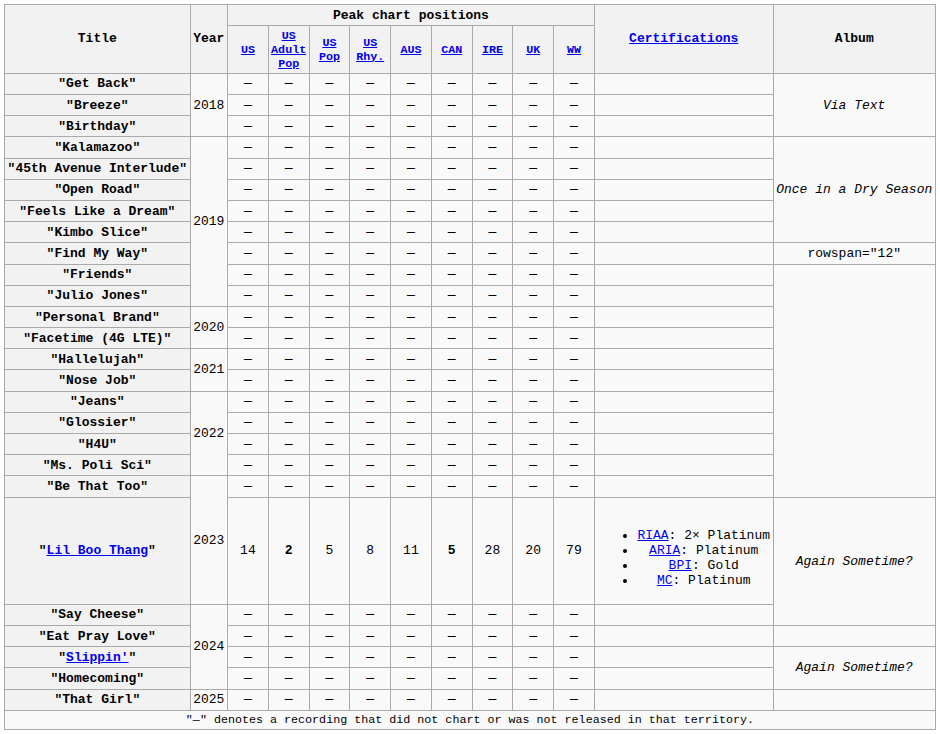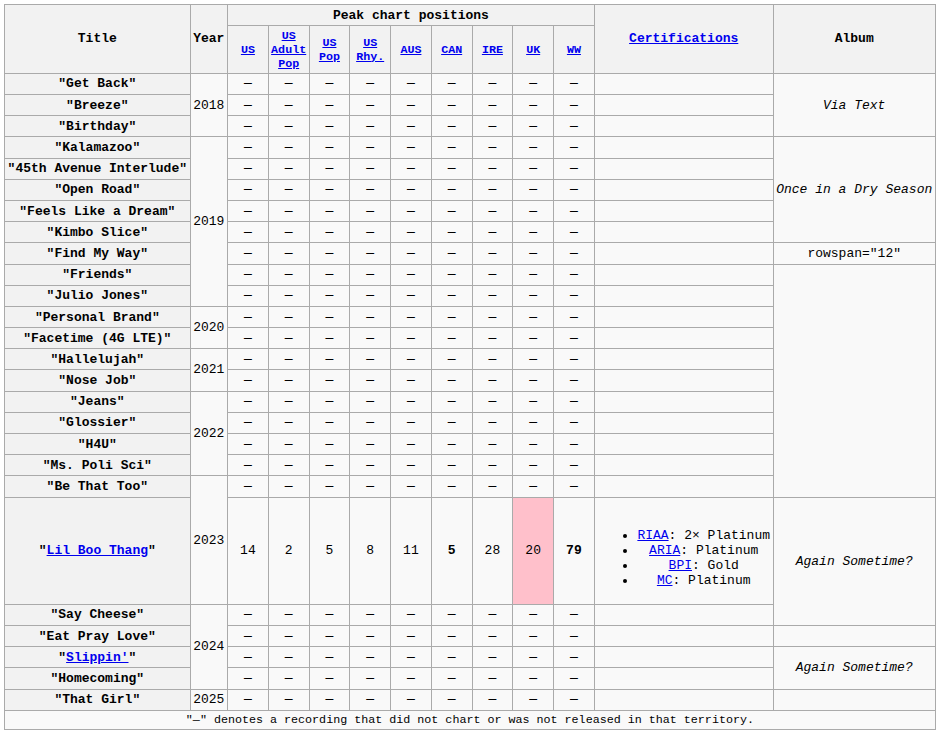 <table class="wikitable plainrowheaders" style="text-align:center;">
 <tr>
 <th scope="col" rowspan="2">Title</th>
 <th scope="col" rowspan="2">Year</th>
 <th scope="col" colspan="9">Peak chart positions</th>
 <th scope="col" rowspan="2"><a href='#'>Certifications</a></th>
 <th scope="col" rowspan="2">Album</th>
 </tr>
 <tr>
 <th scope="col" style="width:3em;font-size:90%;"><a href='#'>US</a><br></th>
 <th scope="col" style="width:3em;font-size:90%;"><a href='#'>US<br>Adult<br>Pop</a><br></th>
 <th scope="col" style="width:3em;font-size:90%;"><a href='#'>US<br>Pop</a><br></th>
 <th scope="col" style="width:3em;font-size:90%;"><a href='#'>US<br>Rhy.</a><br></th>
 <th scope="col" style="width:3em;font-size:90%;"><a href='#'>AUS</a><br></th>
 <th scope="col" style="width:3em;font-size:90%;"><a href='#'>CAN</a><br></th>
 <th scope="col" style="width:3em;font-size:90%;"><a href='#'>IRE</a><br></th>
 <th scope="col" style="width:3em;font-size:90%;"><a href='#'>UK</a><br></th>
 <th scope="col" style="width:3em;font-size:90%;"><a href='#'>WW</a><br></th>
 </tr>
 <tr>
 <th scope="row">"Get Back"<br></th>
 <td rowspan="3">2018</td>
 <td>—</td>
 <td>—</td>
 <td>—</td>
 <td>—</td>
 <td>—</td>
 <td>—</td>
 <td>—</td>
 <td>—</td>
 <td>—</td>
 <td></td>
 <td rowspan="3"><em>Via Text</em></td>
 </tr>
 <tr>
 <th scope="row">"Breeze"<br></th>
 <td>—</td>
 <td>—</td>
 <td>—</td>
 <td>—</td>
 <td>—</td>
 <td>—</td>
 <td>—</td>
 <td>—</td>
 <td>—</td>
 <td></td>
 </tr>
 <tr>
 <th scope="row">"Birthday"<br></th>
 <td>—</td>
 <td>—</td>
 <td>—</td>
 <td>—</td>
 <td>—</td>
 <td>—</td>
 <td>—</td>
 <td>—</td>
 <td>—</td>
 <td></td>
 </tr>
 <tr>
 <th scope="row">"Kalamazoo"<br></th>
 <td rowspan="8">2019</td>
 <td>—</td>
 <td>—</td>
 <td>—</td>
 <td>—</td>
 <td>—</td>
 <td>—</td>
 <td>—</td>
 <td>—</td>
 <td>—</td>
 <td></td>
 <td rowspan="5"><em>Once in a Dry Season</em></td>
 </tr>
 <tr>
 <th scope="row">"45th Avenue Interlude"<br></th>
 <td>—</td>
 <td>—</td>
 <td>—</td>
 <td>—</td>
 <td>—</td>
 <td>—</td>
 <td>—</td>
 <td>—</td>
 <td>—</td>
 <td></td>
 </tr>
 <tr>
 <th scope="row">"Open Road"</th>
 <td>—</td>
 <td>—</td>
 <td>—</td>
 <td>—</td>
 <td>—</td>
 <td>—</td>
 <td>—</td>
 <td>—</td>
 <td>—</td>
 <td></td>
 </tr>
 <tr>
 <th scope="row">"Feels Like a Dream"</th>
 <td>—</td>
 <td>—</td>
 <td>—</td>
 <td>—</td>
 <td>—</td>
 <td>—</td>
 <td>—</td>
 <td>—</td>
 <td>—</td>
 <td></td>
 </tr>
 <tr>
 <th scope="row">"Kimbo Slice"</th>
 <td>—</td>
 <td>—</td>
 <td>—</td>
 <td>—</td>
 <td>—</td>
 <td>—</td>
 <td>—</td>
 <td>—</td>
 <td>—</td>
 <td></td>
 </tr>
 <tr>
 <th scope="row">"Find My Way"<br></th>
 <td>—</td>
 <td>—</td>
 <td>—</td>
 <td>—</td>
 <td>—</td>
 <td>—</td>
 <td>—</td>
 <td>—</td>
 <td>—</td>
 <td></td>
 <td>rowspan="12" </td>
 </tr>
 <tr>
 <th scope="row">"Friends"<br></th>
 <td>—</td>
 <td>—</td>
 <td>—</td>
 <td>—</td>
 <td>—</td>
 <td>—</td>
 <td>—</td>
 <td>—</td>
 <td>—</td>
 <td></td>
 </tr>
 <tr>
 <th scope="row">"Julio Jones"</th>
 <td>—</td>
 <td>—</td>
 <td>—</td>
 <td>—</td>
 <td>—</td>
 <td>—</td>
 <td>—</td>
 <td>—</td>
 <td>—</td>
 <td></td>
 </tr>
 <tr>
 <th scope="row">"Personal Brand"<br></th>
 <td rowspan="2">2020</td>
 <td>—</td>
 <td>—</td>
 <td>—</td>
 <td>—</td>
 <td>—</td>
 <td>—</td>
 <td>—</td>
 <td>—</td>
 <td>—</td>
 <td></td>
 </tr>
 <tr>
 <th scope="row">"Facetime (4G LTE)"<br></th>
 <td>—</td>
 <td>—</td>
 <td>—</td>
 <td>—</td>
 <td>—</td>
 <td>—</td>
 <td>—</td>
 <td>—</td>
 <td>—</td>
 <td></td>
 </tr>
 <tr>
 <th scope="row">"Hallelujah"</th>
 <td rowspan="2">2021</td>
 <td>—</td>
 <td>—</td>
 <td>—</td>
 <td>—</td>
 <td>—</td>
 <td>—</td>
 <td>—</td>
 <td>—</td>
 <td>—</td>
 <td></td>
 </tr>
 <tr>
 <th scope="row">"Nose Job"<br></th>
 <td>—</td>
 <td>—</td>
 <td>—</td>
 <td>—</td>
 <td>—</td>
 <td>—</td>
 <td>—</td>
 <td>—</td>
 <td>—</td>
 <td></td>
 </tr>
 <tr>
 <th scope="row">"Jeans"</th>
 <td rowspan="4">2022</td>
 <td>—</td>
 <td>—</td>
 <td>—</td>
 <td>—</td>
 <td>—</td>
 <td>—</td>
 <td>—</td>
 <td>—</td>
 <td>—</td>
 <td></td>
 </tr>
 <tr>
 <th scope="row">"Glossier"</th>
 <td>—</td>
 <td>—</td>
 <td>—</td>
 <td>—</td>
 <td>—</td>
 <td>—</td>
 <td>—</td>
 <td>—</td>
 <td>—</td>
 <td></td>
 </tr>
 <tr>
 <th scope="row">"H4U"</th>
 <td>—</td>
 <td>—</td>
 <td>—</td>
 <td>—</td>
 <td>—</td>
 <td>—</td>
 <td>—</td>
 <td>—</td>
 <td>—</td>
 <td></td>
 </tr>
 <tr>
 <th scope="row">"Ms. Poli Sci"</th>
 <td>—</td>
 <td>—</td>
 <td>—</td>
 <td>—</td>
 <td>—</td>
 <td>—</td>
 <td>—</td>
 <td>—</td>
 <td>—</td>
 <td></td>
 </tr>
 <tr>
 <th scope="row">"Be That Too"</th>
 <td rowspan="2">2023</td>
 <td>—</td>
 <td>—</td>
 <td>—</td>
 <td>—</td>
 <td>—</td>
 <td>—</td>
 <td>—</td>
 <td>—</td>
 <td>—</td>
 <td></td>
 </tr>
 <tr>
 <th scope="row">"<a href='#'>Lil Boo Thang</a>" <br></th>
 <td>14</td>
-<td><strong>2</strong></td>
+<td>2</td>
 <td>5</td>
 <td>8</td>
 <td>11</td>
 <td><strong>5</strong></td>
 <td>28<br></td>
-<td>20</td>
-<td>79</td>
+<td style="background: pink;">20</td>
+<td><strong>79</strong></td>
 <td><br><ul><li><a href='#'>RIAA</a>: 2× Platinum</li><li><a href='#'>ARIA</a>: Platinum</li><li><a href='#'>BPI</a>: Gold</li><li><a href='#'>MC</a>: Platinum</li></ul></td>
 <td rowspan="2"><em>Again Sometime?</em></td>
 </tr>
 <tr>
 <th scope="row">"Say Cheese"</th>
 <td rowspan="4">2024</td>
 <td>—</td>
 <td>—</td>
 <td>—</td>
 <td>—</td>
 <td>—</td>
 <td>—</td>
 <td>—</td>
 <td>—</td>
 <td>—</td>
 <td></td>
 </tr>
 <tr>
 <th scope="row">"Eat Pray Love"</th>
 <td>—</td>
 <td>—</td>
 <td>—</td>
 <td>—</td>
 <td>—</td>
 <td>—</td>
 <td>—</td>
 <td>—</td>
 <td>—</td>
 <td></td>
 <td></td>
 </tr>
 <tr>
 <th scope="row">"<a href='#'>Slippin'</a>"<br></th>
 <td>—</td>
 <td>—</td>
 <td>—</td>
 <td>—</td>
 <td>—</td>
 <td>—</td>
 <td>—</td>
 <td>—</td>
 <td>—</td>
 <td></td>
 <td rowspan="2"><em>Again Sometime?</em></td>
 </tr>
 <tr>
 <th scope="row">"Homecoming"</th>
 <td>—</td>
 <td>—</td>
 <td>—</td>
 <td>—</td>
 <td>—</td>
 <td>—</td>
 <td>—</td>
 <td>—</td>
 <td>—</td>
 <td></td>
 </tr>
 <tr>
 <th scope="row">"That Girl"<br></th>
 <td>2025</td>
 <td>—</td>
 <td>—</td>
 <td>—</td>
 <td>—</td>
 <td>—</td>
 <td>—</td>
 <td>—</td>
 <td>—</td>
 <td>—</td>
 <td></td>
 <td></td>
 </tr>
 <tr>
 <td colspan="13" style="font-size:90%;">"—" denotes a recording that did not chart or was not released in that territory.</td>
 </tr>
 </table>
